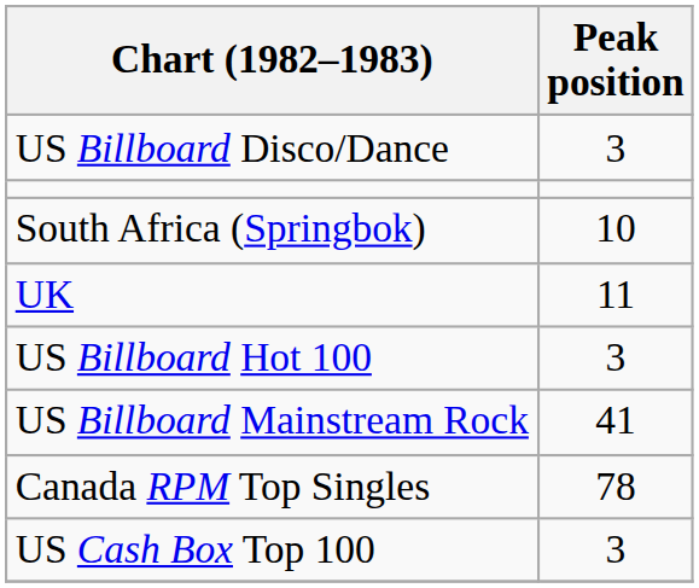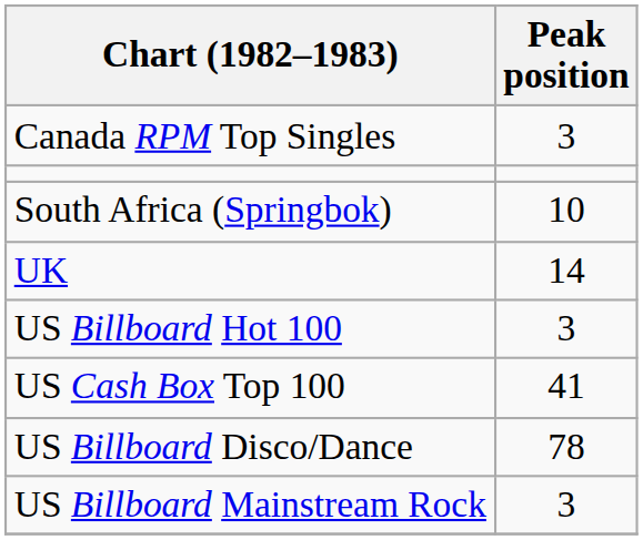 <table class="wikitable sortable">
 <tr>
 <th>Chart (1982–1983)</th>
 <th>Peak<br>position</th>
 </tr>
 <tr>
-<td>US <em><a href='#'>Billboard</a></em> Disco/Dance</td>
+<td>Canada <em><a href='#'>RPM</a></em> Top Singles</td>
 <td style="text-align:center;">3</td>
 </tr>
 <tr>
 <td></td>
 </tr>
 <tr>
 <td>South Africa (<a href='#'>Springbok</a>)</td>
 <td align="center">10</td>
 </tr>
 <tr>
 <td><a href='#'>UK</a></td>
-<td style="text-align:center;">11</td>
+<td style="text-align:center;">14</td>
 </tr>
 <tr>
 <td>US <em><a href='#'>Billboard</a></em> <a href='#'>Hot 100</a></td>
 <td style="text-align:center;">3</td>
 </tr>
 <tr>
-<td>US <em><a href='#'>Billboard</a></em> <a href='#'>Mainstream Rock</a></td>
+<td>US <a href='#'><em>Cash Box</em></a> Top 100</td>
 <td style="text-align:center;">41</td>
 </tr>
 <tr>
-<td>Canada <em><a href='#'>RPM</a></em> Top Singles</td>
+<td>US <em><a href='#'>Billboard</a></em> Disco/Dance</td>
 <td style="text-align:center;">78</td>
 </tr>
 <tr>
-<td>US <a href='#'><em>Cash Box</em></a> Top 100</td>
+<td>US <em><a href='#'>Billboard</a></em> <a href='#'>Mainstream Rock</a></td>
 <td align="center">3</td>
 </tr>
 <tr>
 </tr>
 </table>
